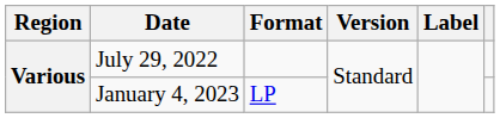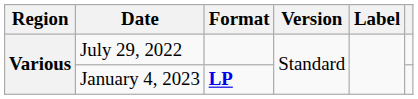 <table class="wikitable plainrowheaders">
 <tr>
 <th scope="col">Region</th>
 <th scope="col">Date</th>
 <th scope="col">Format</th>
 <th scope="col">Version</th>
 <th scope="col">Label</th>
 <th scope="col"></th>
 </tr>
 <tr>
 <th rowspan="2" scope="row">Various</th>
 <td>July 29, 2022</td>
 <td></td>
 <td rowspan="2">Standard</td>
 <td rowspan="2"></td>
 <td align="center"></td>
 </tr>
 <tr>
 <td>January 4, 2023</td>
-<td><a href='#'>LP</a></td>
+<td><strong><a href='#'>LP</a></strong></td>
 <td align="center"></td>
 </tr>
 </table>
